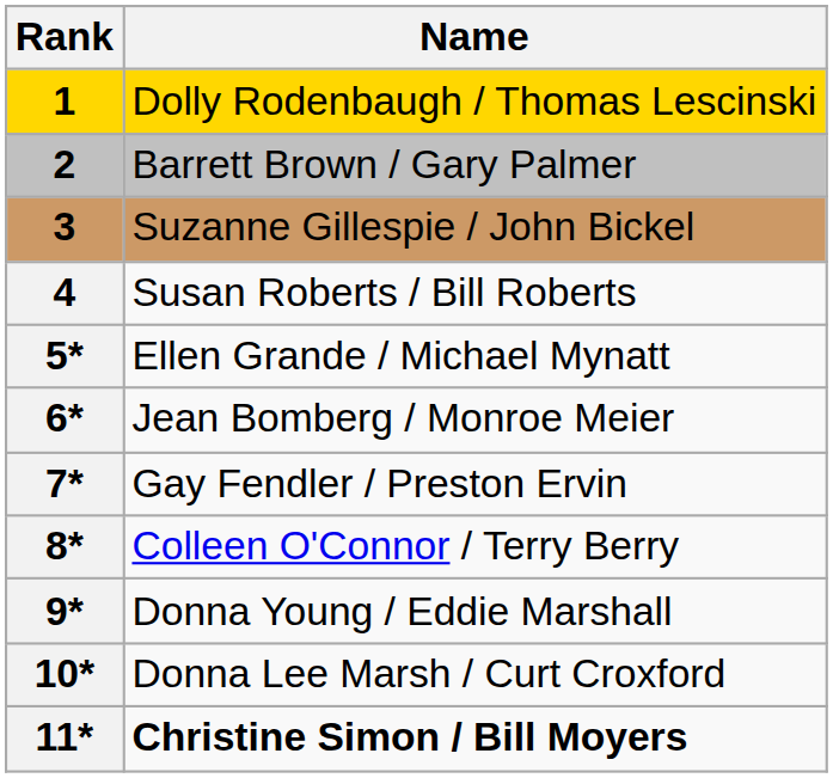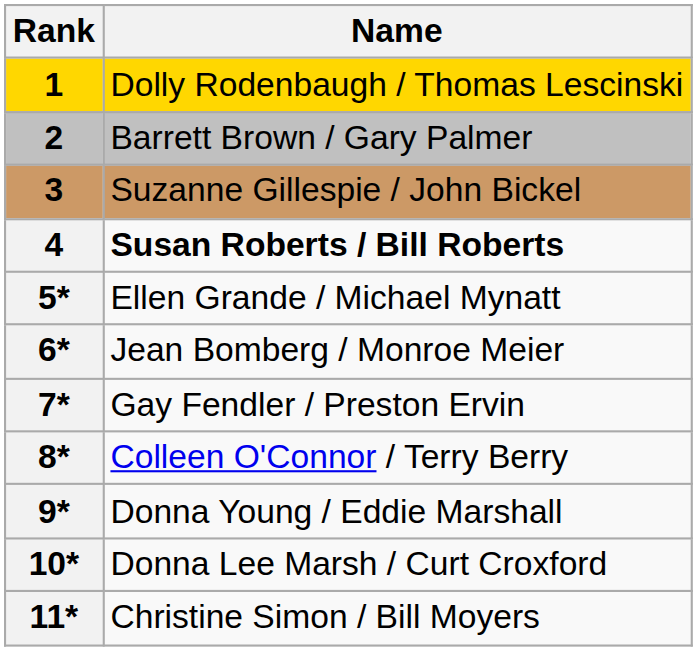 <table class="wikitable">
 <tr>
 <th>Rank</th>
 <th>Name</th>
 </tr>
 <tr bgcolor="gold">
 <td align="center"><strong>1</strong></td>
 <td>Dolly Rodenbaugh / Thomas Lescinski</td>
 </tr>
 <tr bgcolor="silver">
 <td align="center"><strong>2</strong></td>
 <td>Barrett Brown / Gary Palmer</td>
 </tr>
 <tr bgcolor="cc9966">
 <td align="center"><strong>3</strong></td>
 <td>Suzanne Gillespie / John Bickel</td>
 </tr>
 <tr>
 <th>4</th>
-<td>Susan Roberts / Bill Roberts</td>
+<td><strong>Susan Roberts / Bill Roberts</strong></td>
 </tr>
 <tr>
 <th>5*</th>
 <td>Ellen Grande / Michael Mynatt</td>
 </tr>
 <tr>
 <th>6*</th>
 <td>Jean Bomberg / Monroe Meier</td>
 </tr>
 <tr>
 <th>7*</th>
 <td>Gay Fendler / Preston Ervin</td>
 </tr>
 <tr>
 <th>8*</th>
 <td><a href='#'>Colleen O'Connor</a> / Terry Berry</td>
 </tr>
 <tr>
 <th>9*</th>
 <td>Donna Young / Eddie Marshall</td>
 </tr>
 <tr>
 <th>10*</th>
 <td>Donna Lee Marsh / Curt Croxford</td>
 </tr>
 <tr>
 <th>11*</th>
-<td><strong>Christine Simon / Bill Moyers</strong></td>
+<td>Christine Simon / Bill Moyers</td>
 </tr>
 </table>
